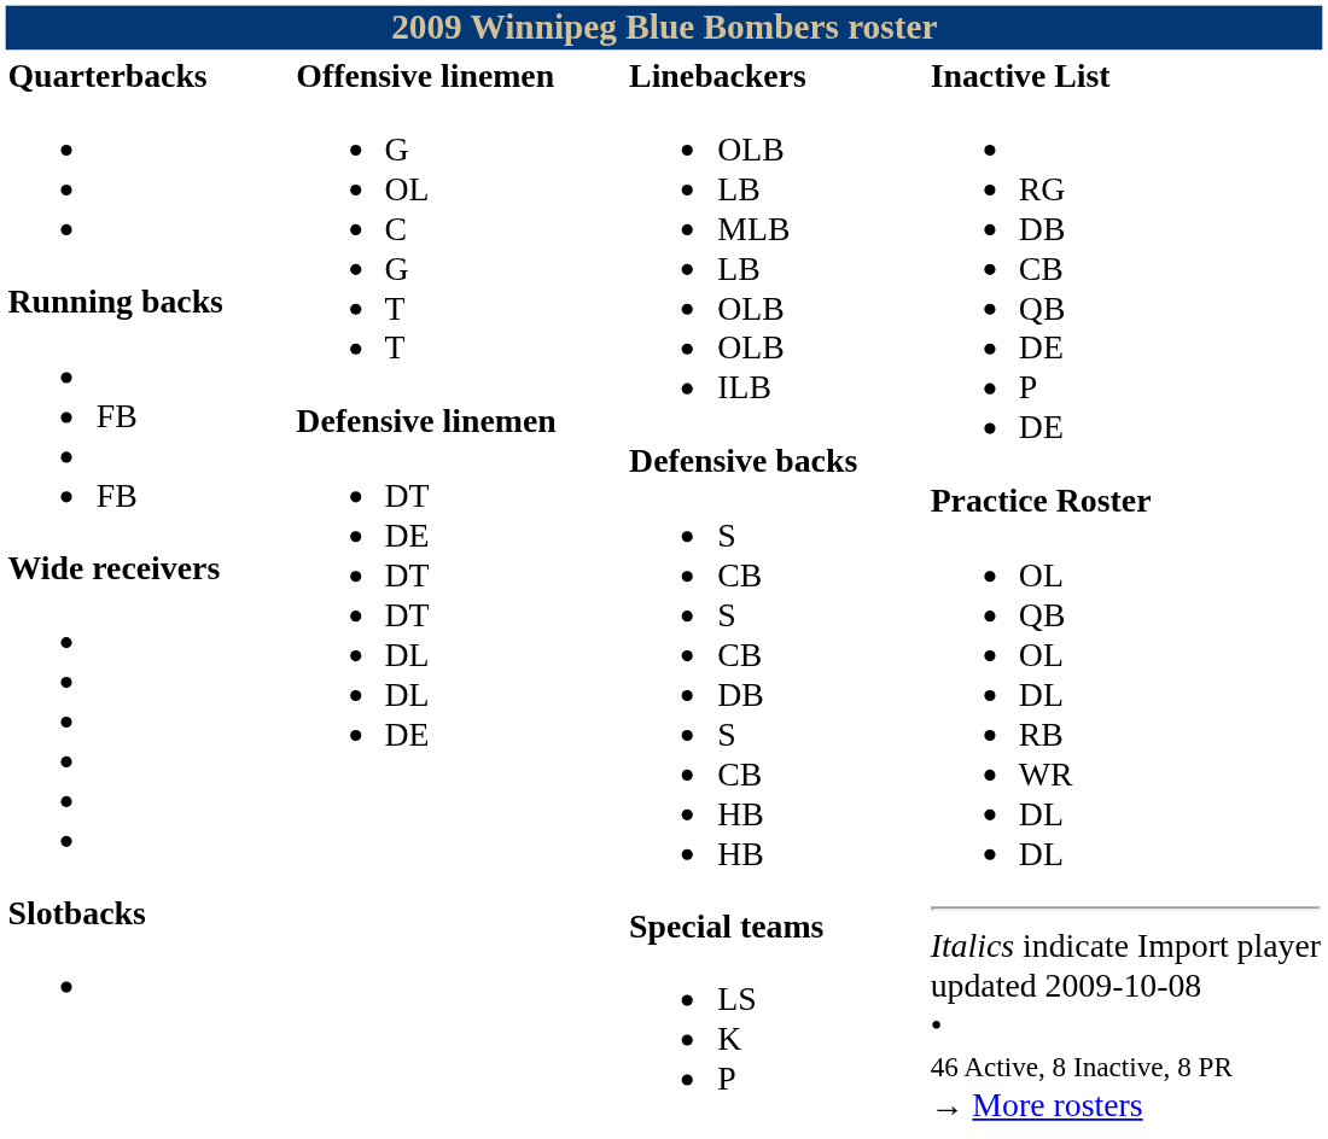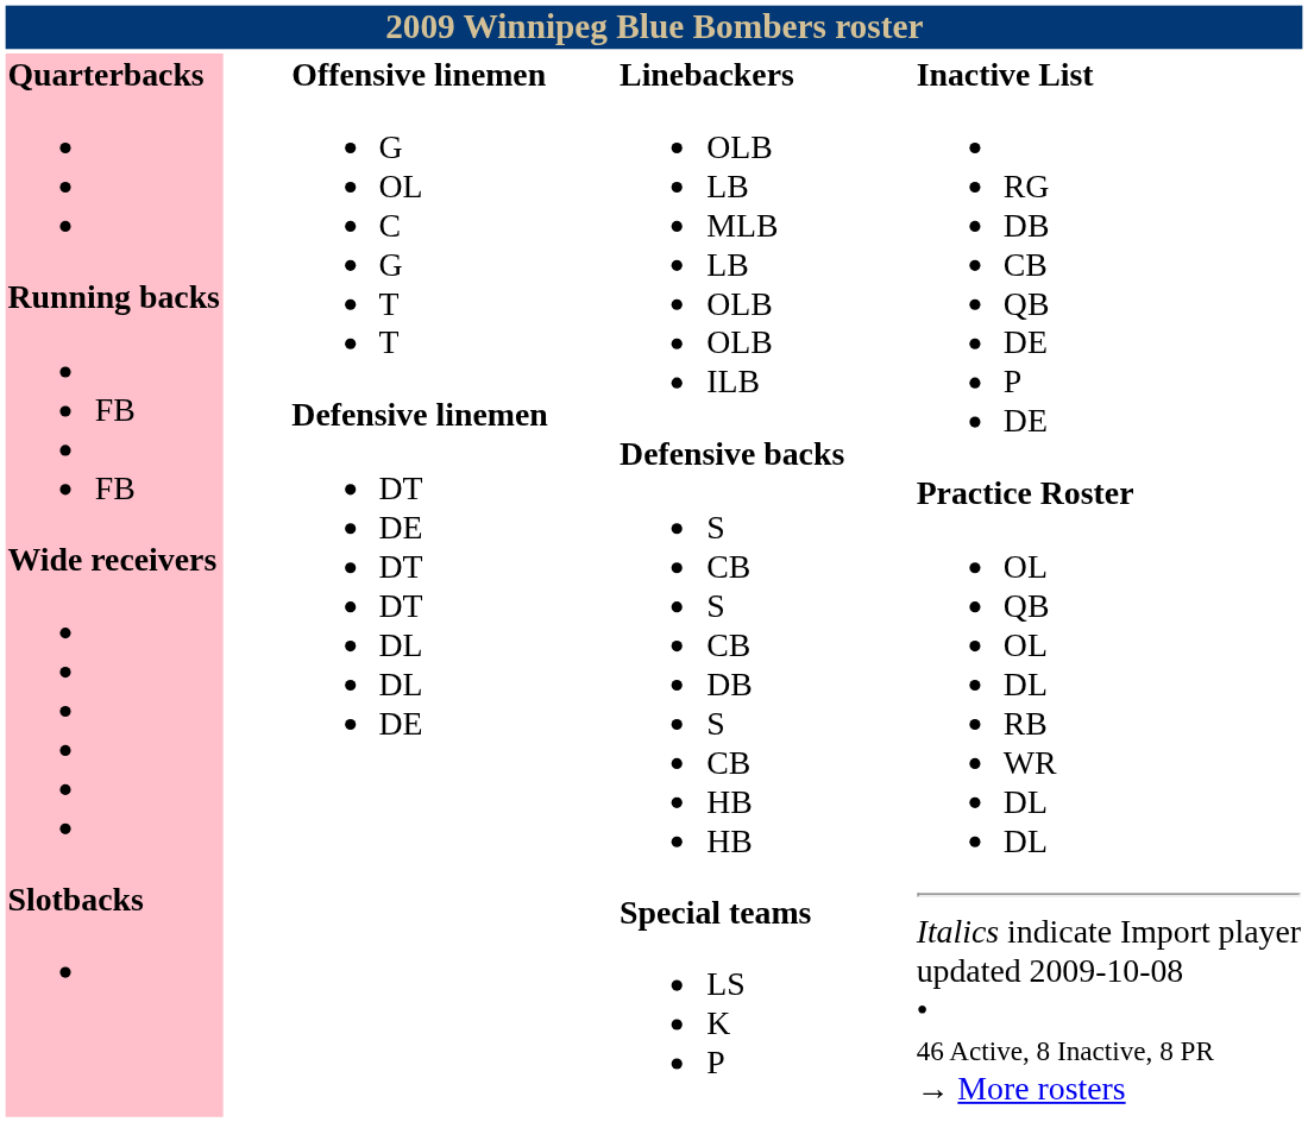 <table class="toccolours" style="text-align: left;">
 <tr>
 <th colspan="7" style="background-color: #023876; color:#D3C096; text-align: center">2009 Winnipeg Blue Bombers roster</th>
 </tr>
 <tr>
-<td style="font-size: 95%;" valign="top"><strong>Quarterbacks</strong><br><ul><li></li><li></li><li></li></ul><strong>Running backs</strong><ul><li></li><li> FB</li><li></li><li> FB</li></ul><strong>Wide receivers</strong><ul><li></li><li></li><li></li><li></li><li></li><li></li></ul><strong>Slotbacks</strong><ul><li></li></ul></td>
+<td style="background: pink; font-size: 95%;" valign="top"><strong>Quarterbacks</strong><br><ul><li></li><li></li><li></li></ul><strong>Running backs</strong><ul><li></li><li> FB</li><li></li><li> FB</li></ul><strong>Wide receivers</strong><ul><li></li><li></li><li></li><li></li><li></li><li></li></ul><strong>Slotbacks</strong><ul><li></li></ul></td>
 <td style="width: 25px;"></td>
 <td style="font-size: 95%;" valign="top"><strong>Offensive linemen</strong><br><ul><li> G</li><li> OL</li><li> C</li><li> G</li><li> T</li><li> T</li></ul><strong>Defensive linemen</strong><ul><li> DT</li><li> DE</li><li> DT</li><li> DT</li><li> DL</li><li> DL</li><li> DE</li></ul></td>
 <td style="width: 25px;"></td>
 <td style="font-size: 95%;" valign="top"><strong>Linebackers</strong><br><ul><li> OLB</li><li> LB</li><li> MLB</li><li> LB</li><li> OLB</li><li> OLB</li><li> ILB</li></ul><strong>Defensive backs</strong><ul><li> S</li><li> CB</li><li> S</li><li> CB</li><li> DB</li><li> S</li><li> CB</li><li> HB</li><li> HB</li></ul><strong>Special teams</strong><ul><li> LS</li><li> K</li><li> P</li></ul></td>
 <td style="width: 25px;"></td>
 <td style="font-size: 95%;" valign="top"><strong>Inactive List</strong><br><ul><li> </li><li> RG </li><li> DB </li><li> CB </li><li> QB </li><li> DE </li><li> P </li><li> DE </li></ul><strong>Practice Roster</strong><ul><li> OL</li><li> QB</li><li> OL</li><li> DL</li><li> RB</li><li> WR</li><li> DL</li><li> DL</li></ul><hr> <em>Italics</em> indicate Import player<br> <span></span> updated 2009-10-08<br> <span></span> • <span></span><br> <small>46 Active, 8 Inactive, 8 PR</small><br>→ <a href='#'>More rosters</a></td>
 </tr>
 <tr>
 </tr>
 </table>
